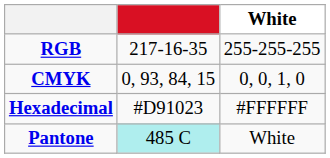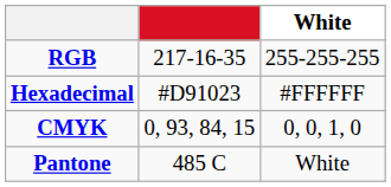 <table class="wikitable" style="text-align:center;">
 <tr>
 <th></th>
 <th style="background-color:#D91023"></th>
 <th style="background-color:#FFFFFF">White</th>
 </tr>
 <tr>
 <td><strong><a href='#'>RGB</a></strong></td>
 <td>217-16-35</td>
 <td>255-255-255</td>
 </tr>
 <tr>
+<td><strong><a href='#'>Hexadecimal</a></strong></td>
+<td>#D91023</td>
+<td>#FFFFFF</td>
+</tr>
+<tr>
 <td><strong><a href='#'>CMYK</a></strong></td>
 <td>0, 93, 84, 15</td>
 <td>0, 0, 1, 0</td>
 </tr>
 <tr>
-<td><strong><a href='#'>Hexadecimal</a></strong></td>
-<td>#D91023</td>
-<td>#FFFFFF</td>
-</tr>
-<tr>
 <td><strong><a href='#'>Pantone</a></strong></td>
-<td style="background: paleturquoise;">485 C</td>
+<td>485 C</td>
 <td>White</td>
 </tr>
 </table>
